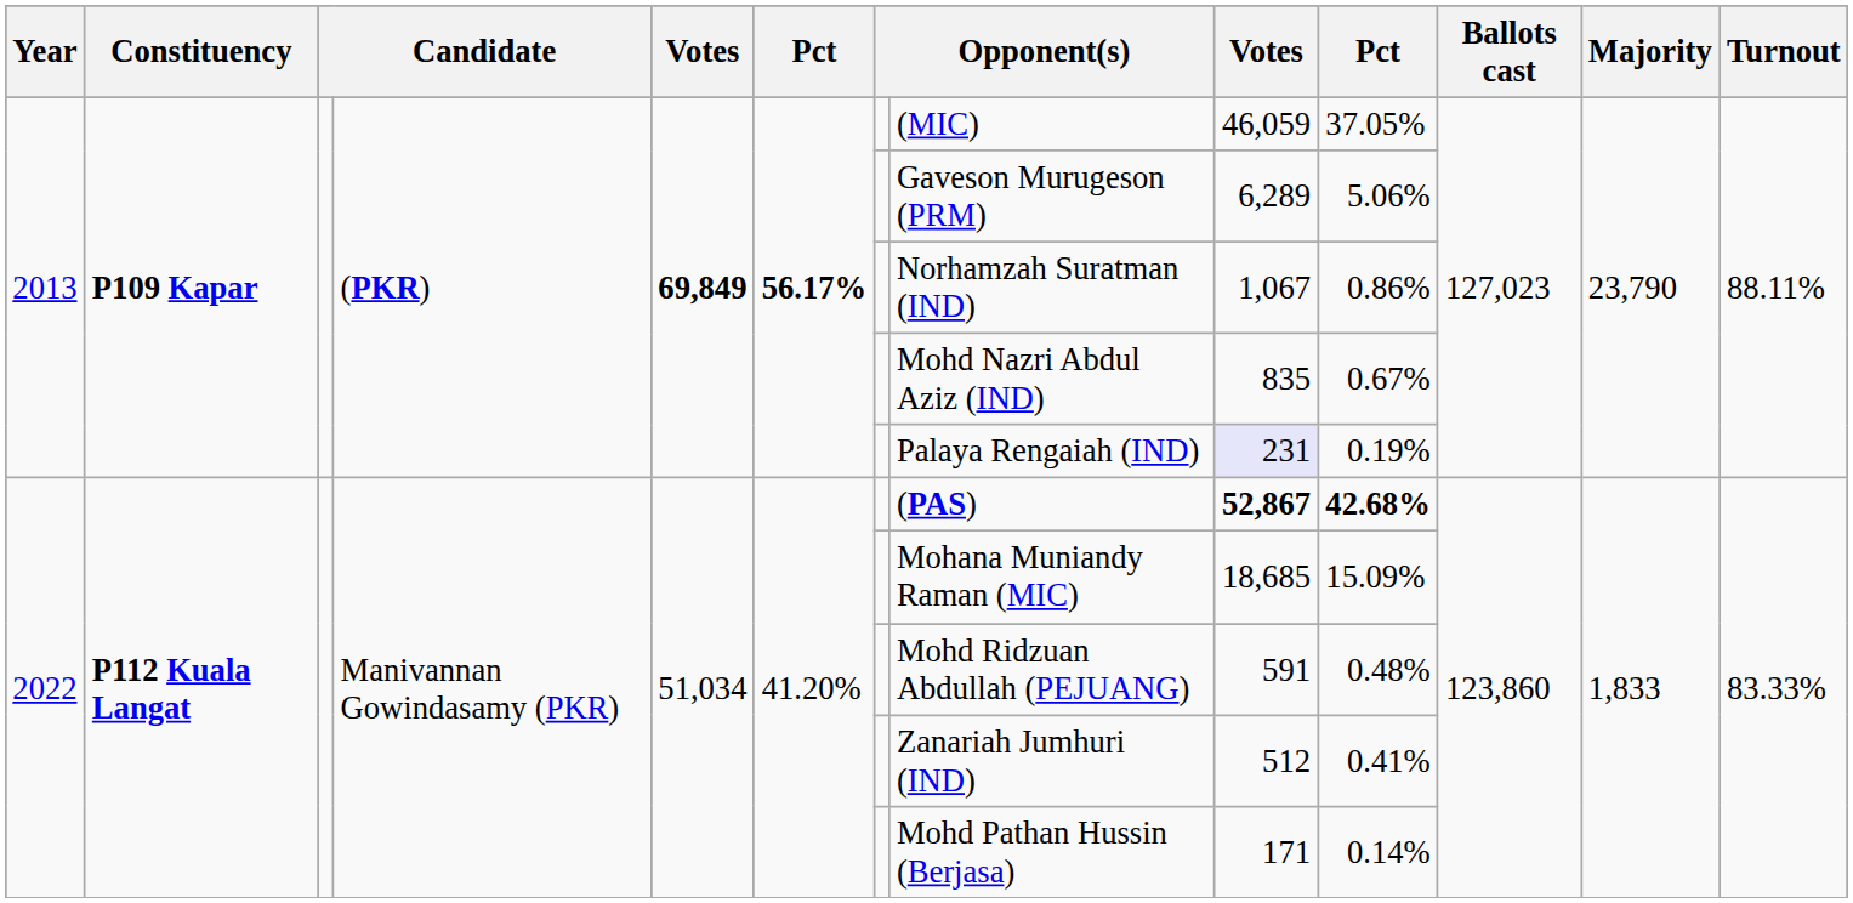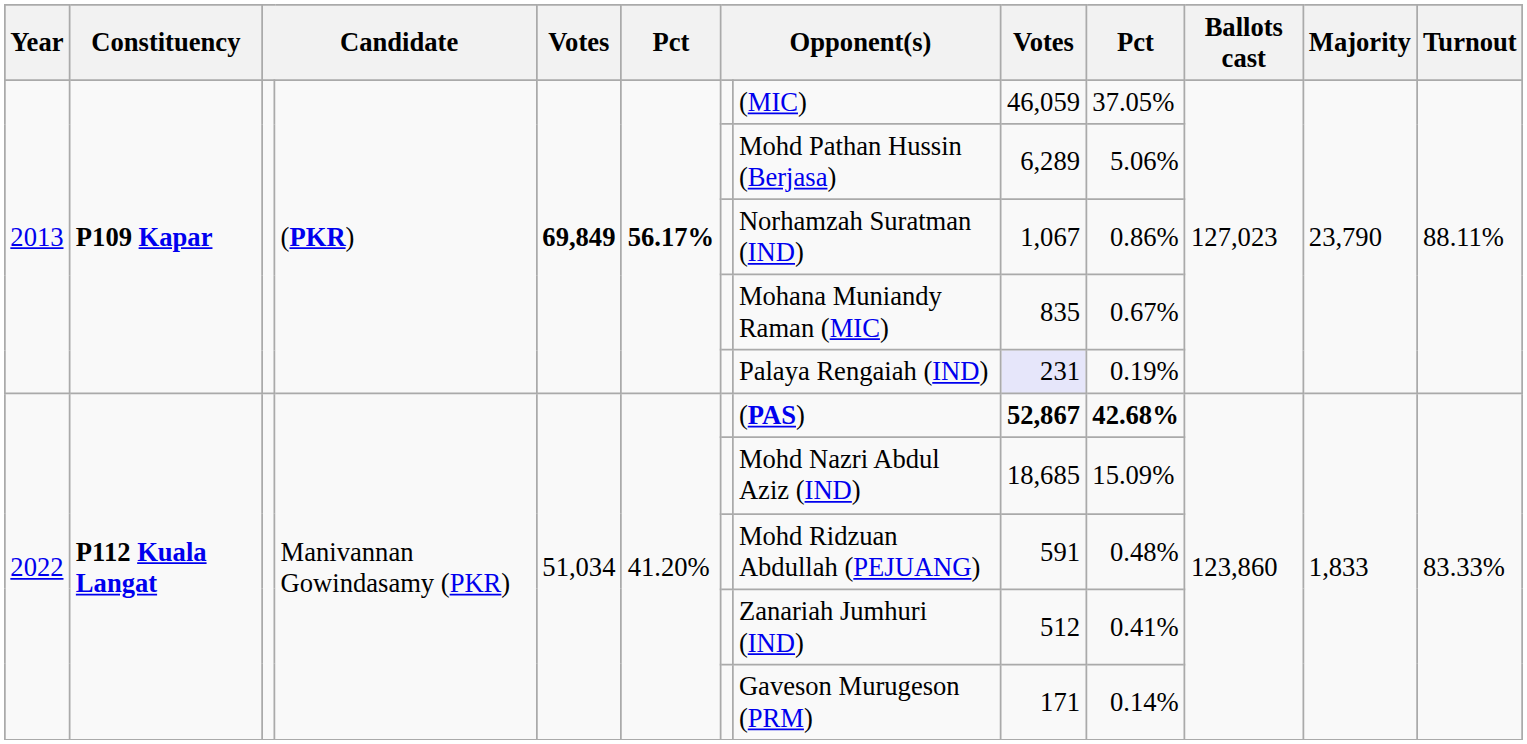 <table class="wikitable" style="margin:0.5em ; font-size:95%">
 <tr>
 <th>Year</th>
 <th>Constituency</th>
 <th colspan=2>Candidate</th>
 <th>Votes</th>
 <th>Pct</th>
 <th colspan=2>Opponent(s)</th>
 <th>Votes</th>
 <th>Pct</th>
 <th>Ballots cast</th>
 <th>Majority</th>
 <th>Turnout</th>
 </tr>
 <tr>
 <td rowspan=5><a href='#'>2013</a></td>
 <td rowspan=5><strong>P109 <a href='#'>Kapar</a></strong></td>
 <td rowspan=5 ></td>
 <td rowspan=5> (<a href='#'><strong>PKR</strong></a>)</td>
 <td rowspan=5 align="right"><strong>69,849</strong></td>
 <td rowspan=5><strong>56.17%</strong></td>
 <td></td>
 <td> (<a href='#'>MIC</a>)</td>
 <td align="right">46,059</td>
 <td>37.05%</td>
 <td rowspan=5>127,023</td>
 <td rowspan=5>23,790</td>
 <td rowspan=5>88.11%</td>
 </tr>
 <tr>
 <td bgcolor=></td>
-<td>Gaveson Murugeson (<a href='#'>PRM</a>)</td>
+<td>Mohd Pathan Hussin (<a href='#'>Berjasa</a>)</td>
 <td align="right">6,289</td>
 <td align="right">5.06%</td>
 </tr>
 <tr>
 <td></td>
 <td>Norhamzah Suratman (<a href='#'>IND</a>)</td>
 <td align="right">1,067</td>
 <td align="right">0.86%</td>
 </tr>
 <tr>
 <td></td>
-<td>Mohd Nazri Abdul Aziz (<a href='#'>IND</a>)</td>
+<td>Mohana Muniandy Raman (<a href='#'>MIC</a>)</td>
 <td align="right">835</td>
 <td align="right">0.67%</td>
 </tr>
 <tr>
 <td></td>
 <td>Palaya Rengaiah (<a href='#'>IND</a>)</td>
 <td align="right" style="background: lavender;">231</td>
 <td align="right">0.19%</td>
 </tr>
 <tr>
 <td rowspan=5><a href='#'>2022</a></td>
 <td rowspan=5><strong>P112 <a href='#'>Kuala Langat</a></strong></td>
 <td rowspan=5 ></td>
 <td rowspan=5>Manivannan Gowindasamy (<a href='#'>PKR</a>)</td>
 <td rowspan=5 align="right">51,034</td>
 <td rowspan=5>41.20%</td>
 <td bgcolor=></td>
 <td> (<a href='#'><strong>PAS</strong></a>)</td>
 <td align="right"><strong>52,867</strong></td>
 <td><strong>42.68%</strong></td>
 <td rowspan=5>123,860</td>
 <td rowspan=5>1,833</td>
 <td rowspan=5>83.33%</td>
 </tr>
 <tr>
 <td></td>
-<td>Mohana Muniandy Raman (<a href='#'>MIC</a>)</td>
+<td>Mohd Nazri Abdul Aziz (<a href='#'>IND</a>)</td>
 <td align="right">18,685</td>
 <td>15.09%</td>
 </tr>
 <tr>
 <td bgcolor=></td>
 <td>Mohd Ridzuan Abdullah (<a href='#'>PEJUANG</a>)</td>
 <td align="right">591</td>
 <td align="right">0.48%</td>
 </tr>
 <tr>
 <td></td>
 <td>Zanariah Jumhuri (<a href='#'>IND</a>)</td>
 <td align="right">512</td>
 <td align="right">0.41%</td>
 </tr>
 <tr>
 <td bgcolor=></td>
-<td>Mohd Pathan Hussin (<a href='#'>Berjasa</a>)</td>
+<td>Gaveson Murugeson (<a href='#'>PRM</a>)</td>
 <td align="right">171</td>
 <td align="right">0.14%</td>
 </tr>
 <tr>
 </tr>
 </table>
